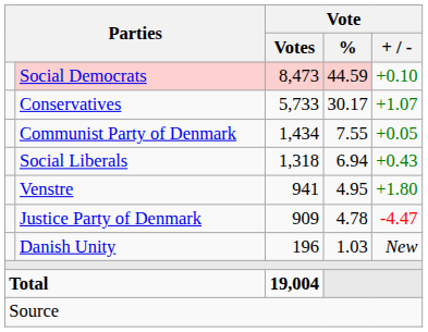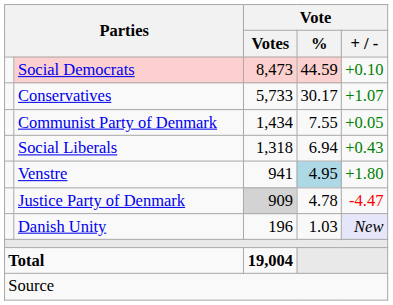 <table class="wikitable" style="text-align:right;">
 <tr>
 <th style="text-align:centre;" rowspan="2" colspan="2" width="225">Parties</th>
 <th colspan="3">Vote</th>
 </tr>
 <tr>
 <th width="15">Votes</th>
 <th width="15">%</th>
 <th width="15">+ / -</th>
 </tr>
 <tr>
 <td width="2" style="color:inherit;background:"></td>
 <td bgcolor=#fbd0ce  align="left"><a href='#'>Social Democrats</a></td>
 <td bgcolor=#fbd0ce>8,473</td>
 <td bgcolor=#fbd0ce>44.59</td>
 <td style=color:green;>+0.10</td>
 </tr>
 <tr>
 <td width="2" style="color:inherit;background:"></td>
 <td align="left"><a href='#'>Conservatives</a></td>
 <td>5,733</td>
 <td>30.17</td>
 <td style=color:green;>+1.07</td>
 </tr>
 <tr>
 <td width="2" style="color:inherit;background:"></td>
 <td align="left"><a href='#'>Communist Party of Denmark</a></td>
 <td>1,434</td>
 <td>7.55</td>
 <td style=color:green;>+0.05</td>
 </tr>
 <tr>
 <td width="2" style="color:inherit;background:"></td>
 <td align="left"><a href='#'>Social Liberals</a></td>
 <td>1,318</td>
 <td>6.94</td>
 <td style=color:green;>+0.43</td>
 </tr>
 <tr>
 <td width="2" style="color:inherit;background:"></td>
 <td align="left"><a href='#'>Venstre</a></td>
 <td>941</td>
-<td>4.95</td>
+<td style="background: lightblue;">4.95</td>
 <td style=color:green;>+1.80</td>
 </tr>
 <tr>
 <td width="2" style="color:inherit;background:"></td>
 <td align="left"><a href='#'>Justice Party of Denmark</a></td>
-<td>909</td>
+<td style="background: lightgrey;">909</td>
 <td>4.78</td>
 <td style=color:red;>-4.47</td>
 </tr>
 <tr>
 <td width="2" style="color:inherit;background:"></td>
 <td align="left"><a href='#'>Danish Unity</a></td>
 <td>196</td>
 <td>1.03</td>
-<td><em>New</em></td>
+<td style="background: lavender;"><em>New</em></td>
 </tr>
 <tr>
 <td colspan="7" bgcolor="#E9E9E9"></td>
 </tr>
 <tr>
 <td align="left" colspan="2"><strong>Total</strong></td>
 <td><strong>19,004</strong></td>
 <td bgcolor="#E9E9E9" colspan="2"></td>
 </tr>
 <tr>
 <td align="left" colspan="6">Source</td>
 </tr>
 </table>
